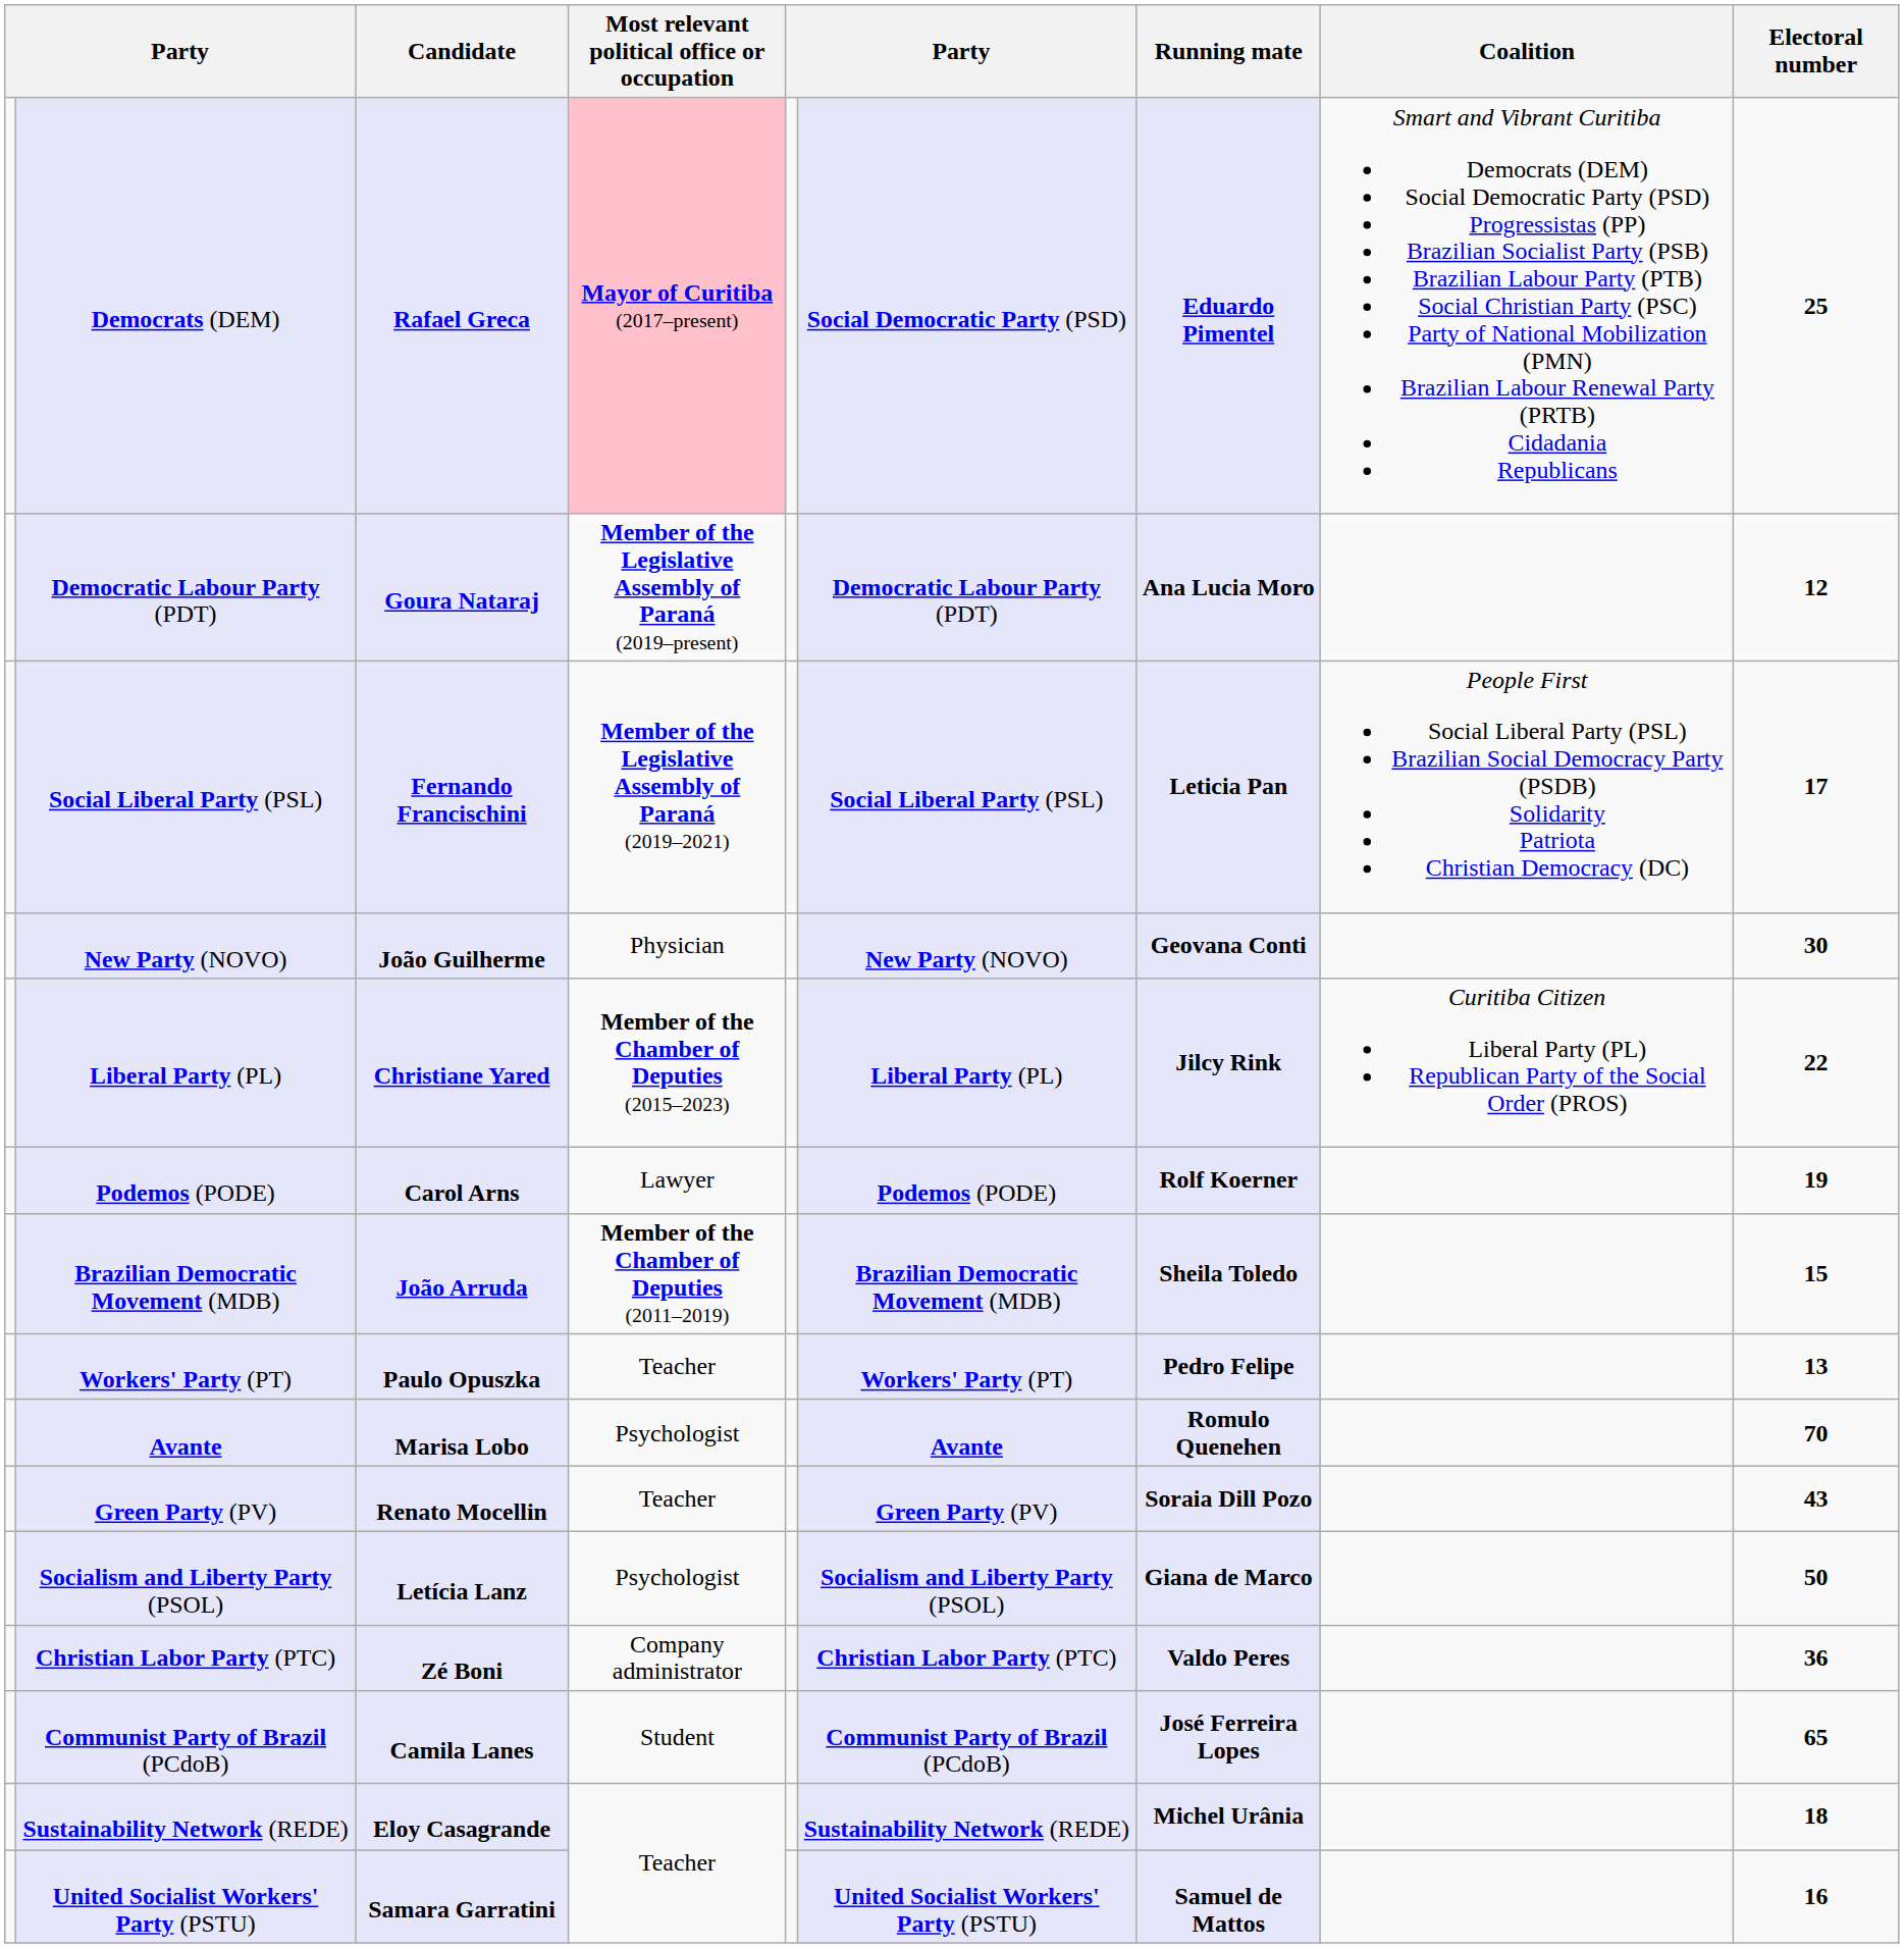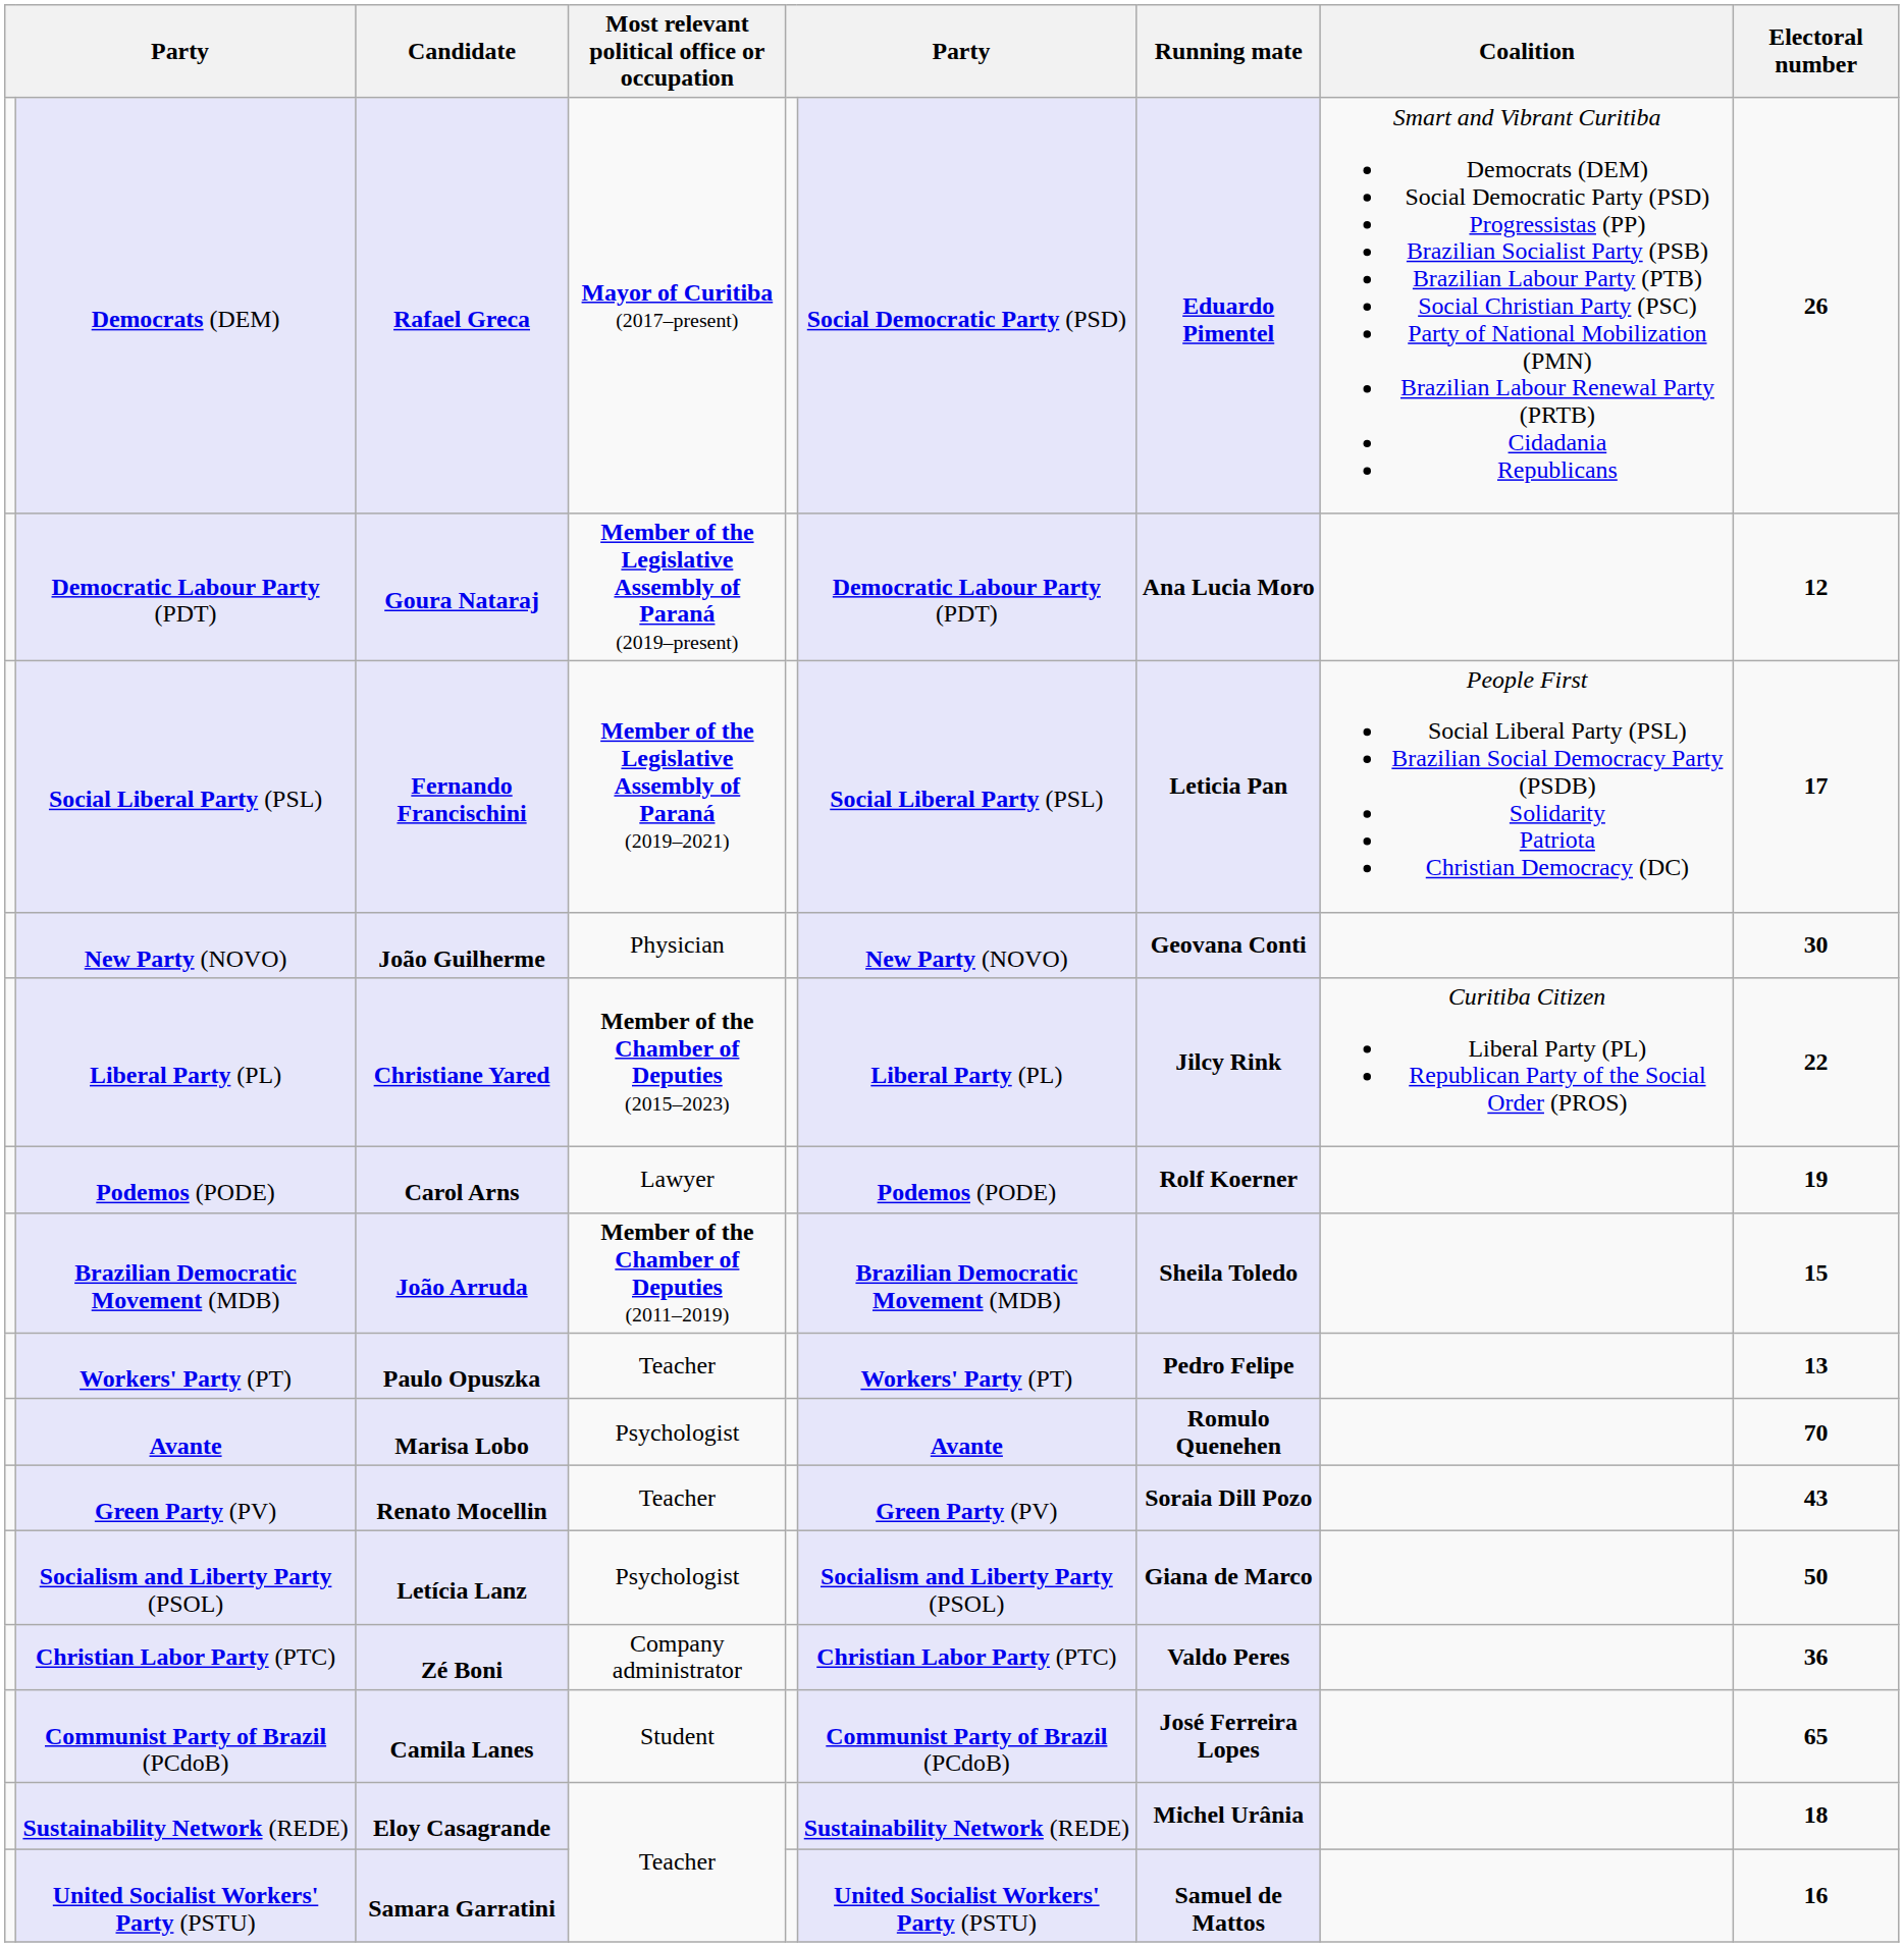 <table class="wikitable" style="text-align:center">
 <tr>
 <th colspan="2">Party</th>
 <th>Candidate</th>
 <th style="max-width:10em">Most relevant political office or occupation</th>
 <th colspan="2">Party</th>
 <th>Running mate</th>
 <th>Coalition</th>
 <th>Electoral number</th>
 </tr>
 <tr>
 <td style="background:"></td>
 <td style="background:lavender;"><br><strong><a href='#'>Democrats</a></strong> (DEM)</td>
 <td style="background:lavender;"><br><strong><a href='#'>Rafael Greca</a></strong></td>
-<td style="background: pink; max-width:10em"><strong><a href='#'>Mayor of Curitiba</a></strong><br><small>(2017–present)</small></td>
+<td style="max-width:10em"><strong><a href='#'>Mayor of Curitiba</a></strong><br><small>(2017–present)</small></td>
 <td style="background:"></td>
 <td style="background:lavender;"><br><strong><a href='#'>Social Democratic Party</a></strong> (PSD)</td>
 <td style="background:lavender;"><br><strong><a href='#'>Eduardo Pimentel</a></strong></td>
 <td><em>Smart and Vibrant Curitiba</em><br><ul><li>Democrats  (DEM)</li><li>Social Democratic Party (PSD)</li><li><a href='#'>Progressistas</a> (PP)</li><li><a href='#'>Brazilian Socialist Party</a> (PSB)</li><li><a href='#'>Brazilian Labour Party</a> (PTB)</li><li><a href='#'>Social Christian Party</a> (PSC)</li><li><a href='#'>Party of National Mobilization</a> (PMN)</li><li><a href='#'>Brazilian Labour Renewal Party</a> (PRTB)</li><li><a href='#'>Cidadania</a></li><li><a href='#'>Republicans</a></li></ul></td>
-<td><strong>25</strong></td>
+<td><strong>26</strong></td>
 </tr>
 <tr>
 <td style="background:"></td>
 <td style="background:lavender;"><br><a href='#'><strong>Democratic Labour Party</strong></a> (PDT)</td>
 <td style="background:lavender;"><br><strong><a href='#'>Goura Nataraj</a></strong></td>
 <td style="max-width:10em"><a href='#'><strong>Member of the Legislative Assembly of Paraná</strong></a><br><small>(2019–present)</small></td>
 <td style="background:"></td>
 <td style="background:lavender;"><br><a href='#'><strong>Democratic Labour Party</strong></a> (PDT)</td>
 <td style="background:lavender;"><strong>Ana Lucia Moro</strong></td>
 <td></td>
 <td><strong>12</strong></td>
 </tr>
 <tr>
 <td style="background:"></td>
 <td style="background:lavender;"><br><strong><a href='#'>Social Liberal Party</a></strong> (PSL)</td>
 <td style="background:lavender;"><br><strong><a href='#'>Fernando Francischini</a></strong></td>
 <td style="max-width:10em"><a href='#'><strong>Member of the Legislative Assembly of Paraná</strong></a><br><small>(2019–2021)</small></td>
 <td style="background:"></td>
 <td style="background:lavender;"><br><strong><a href='#'>Social Liberal Party</a></strong> (PSL)</td>
 <td style="background:lavender;"><strong>Leticia Pan</strong></td>
 <td><em>People First</em><br><ul><li>Social Liberal Party (PSL)</li><li><a href='#'>Brazilian Social Democracy Party</a> (PSDB)</li><li><a href='#'>Solidarity</a></li><li><a href='#'>Patriota</a></li><li><a href='#'>Christian Democracy</a> (DC)</li></ul></td>
 <td><strong>17</strong></td>
 </tr>
 <tr>
 <td style="background:"></td>
 <td style="background:lavender;"><br><a href='#'><strong>New Party</strong></a> (NOVO)</td>
 <td style="background:lavender;"><br><strong>João Guilherme</strong></td>
 <td style="max-width:10em">Physician</td>
 <td style="background:"></td>
 <td style="background:lavender;"><br><a href='#'><strong>New Party</strong></a> (NOVO)</td>
 <td style="background:lavender;"><strong>Geovana Conti</strong></td>
 <td></td>
 <td><strong>30</strong></td>
 </tr>
 <tr>
 <td style="background:"></td>
 <td style="background:lavender;"><strong><br><a href='#'>Liberal Party</a></strong> (PL)</td>
 <td style="background:lavender;"><br><strong><a href='#'>Christiane Yared</a></strong></td>
 <td style="max-width:10em"><strong>Member of the <a href='#'>Chamber of Deputies</a></strong><br><small>(2015–2023)</small></td>
 <td style="background:"></td>
 <td style="background:lavender;"><br><strong><a href='#'>Liberal Party</a></strong> (PL)</td>
 <td style="background:lavender;"><strong>Jilcy Rink</strong></td>
 <td><em>Curitiba Citizen</em><br><ul><li>Liberal Party (PL)</li><li><a href='#'>Republican Party of the Social Order</a> (PROS)</li></ul></td>
 <td><strong>22</strong></td>
 </tr>
 <tr>
 <td style="background:"></td>
 <td style="background:lavender;"><br><strong><a href='#'>Podemos</a></strong> (PODE)</td>
 <td style="background:lavender;"><br><strong>Carol Arns</strong></td>
 <td style="max-width:10em">Lawyer</td>
 <td style="background:"></td>
 <td style="background:lavender;"><br><strong><a href='#'>Podemos</a></strong> (PODE)</td>
 <td style="background:lavender;"><strong>Rolf Koerner</strong></td>
 <td></td>
 <td><strong>19</strong></td>
 </tr>
 <tr>
 <td style="background:"></td>
 <td style="background:lavender;"><br><strong><a href='#'>Brazilian Democratic Movement</a></strong> (MDB)</td>
 <td style="background:lavender;"><br><strong><a href='#'>João Arruda</a></strong></td>
 <td style="max-width:10em"><strong>Member of the <a href='#'>Chamber of Deputies</a></strong><br><small>(2011–2019)</small></td>
 <td style="background:"></td>
 <td style="background:lavender;"><br><strong><a href='#'>Brazilian Democratic Movement</a></strong> (MDB)</td>
 <td style="background:lavender;"><strong>Sheila Toledo</strong></td>
 <td></td>
 <td><strong>15</strong></td>
 </tr>
 <tr>
 <td style="background:"></td>
 <td style="background:lavender;"><br><strong><a href='#'>Workers' Party</a></strong> (PT)</td>
 <td style="background:lavender;"><br><strong>Paulo Opuszka</strong></td>
 <td style="max-width:10em">Teacher</td>
 <td style="background:"></td>
 <td style="background:lavender;"><br><strong><a href='#'>Workers' Party</a></strong> (PT)</td>
 <td style="background:lavender;"><strong>Pedro Felipe</strong></td>
 <td></td>
 <td><strong>13</strong></td>
 </tr>
 <tr>
 <td style="background:"></td>
 <td style="background:lavender;"><br><strong><a href='#'>Avante</a></strong></td>
 <td style="background:lavender;"><br><strong>Marisa Lobo</strong></td>
 <td style="max-width:10em">Psychologist</td>
 <td style="background:"></td>
 <td style="background:lavender;"><br><strong><a href='#'>Avante</a></strong></td>
 <td style="background:lavender;"><strong>Romulo Quenehen</strong></td>
 <td></td>
 <td><strong>70</strong></td>
 </tr>
 <tr>
 <td style="background:"></td>
 <td style="background:lavender;"><br><strong><a href='#'>Green Party</a></strong> (PV)</td>
 <td style="background:lavender;"><br><strong>Renato Mocellin</strong></td>
 <td style="max-width:10em">Teacher</td>
 <td style="background:"></td>
 <td style="background:lavender;"><br><strong><a href='#'>Green Party</a></strong> (PV)</td>
 <td style="background:lavender;"><strong>Soraia Dill Pozo</strong></td>
 <td></td>
 <td><strong>43</strong></td>
 </tr>
 <tr>
 <td style="background:"></td>
 <td style="background:lavender;"><br><strong><a href='#'>Socialism and Liberty Party</a></strong> (PSOL)</td>
 <td style="background:lavender;"><br><strong>Letícia Lanz</strong></td>
 <td style="max-width:10em">Psychologist</td>
 <td style="background:"></td>
 <td style="background:lavender;"><br><strong><a href='#'>Socialism and Liberty Party</a></strong> (PSOL)</td>
 <td style="background:lavender;"><strong>Giana de Marco</strong></td>
 <td></td>
 <td><strong>50</strong></td>
 </tr>
 <tr>
 <td style="background:"></td>
 <td style="background:lavender;"><strong><a href='#'>Christian Labor Party</a></strong> (PTC)</td>
 <td style="background:lavender;"><br><strong>Zé Boni</strong></td>
 <td style="max-width:10em">Company administrator</td>
 <td style="background:"></td>
 <td style="background:lavender;"><strong><a href='#'>Christian Labor Party</a></strong> (PTC)</td>
 <td style="background:lavender;"><strong>Valdo Peres</strong></td>
 <td></td>
 <td><strong>36</strong></td>
 </tr>
 <tr>
 <td style="background:"></td>
 <td style="background:lavender;"><br><strong><a href='#'>Communist Party of Brazil</a></strong> (PCdoB)</td>
 <td style="background:lavender;"><br><strong>Camila Lanes</strong></td>
 <td style="max-width:10em">Student</td>
 <td style="background:"></td>
 <td style="background:lavender;"><br><strong><a href='#'>Communist Party of Brazil</a></strong> (PCdoB)</td>
 <td style="background:lavender;"><strong>José Ferreira Lopes</strong></td>
 <td></td>
 <td><strong>65</strong></td>
 </tr>
 <tr>
 <td style="background:"></td>
 <td style="background:lavender;"><br><strong><a href='#'>Sustainability Network</a></strong> (REDE)</td>
 <td style="background:lavender;"><br><strong>Eloy Casagrande</strong></td>
 <td rowspan="2">Teacher</td>
 <td style="background:"></td>
 <td style="background:lavender;"><br><strong><a href='#'>Sustainability Network</a></strong> (REDE)</td>
 <td style="background:lavender;"><strong>Michel Urânia</strong></td>
 <td></td>
 <td><strong>18</strong></td>
 </tr>
 <tr>
 <td style="background:"></td>
 <td style="background:lavender;"><br><strong><a href='#'>United Socialist Workers' Party</a></strong> (PSTU)</td>
 <td style="background:lavender;"><br><strong>Samara Garratini</strong></td>
 <td style="background:"></td>
 <td style="background:lavender;"><br><strong><a href='#'>United Socialist Workers' Party</a></strong> (PSTU)</td>
 <td style="background:lavender;"><br><strong>Samuel de Mattos</strong></td>
 <td></td>
 <td><strong>16</strong></td>
 </tr>
 </table>
